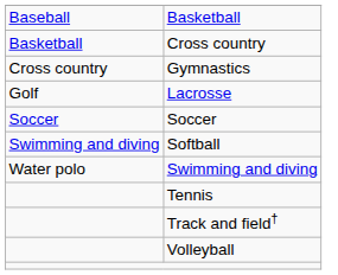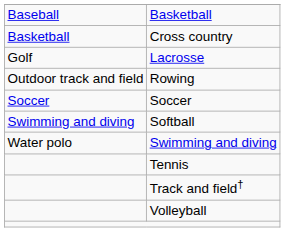 <table class="wikitable" style=" ">
 <tr>
 </tr>
 <tr>
 <td><a href='#'>Baseball</a></td>
 <td><a href='#'>Basketball</a></td>
 </tr>
 <tr>
 <td><a href='#'>Basketball</a></td>
 <td>Cross country</td>
 </tr>
 <tr>
-<td>Cross country</td>
-<td>Gymnastics</td>
+<td>Golf</td>
+<td><a href='#'>Lacrosse</a></td>
 </tr>
 <tr>
-<td>Golf</td>
-<td><a href='#'>Lacrosse</a></td>
+<td>Outdoor track and field</td>
+<td>Rowing</td>
 </tr>
 <tr>
 <td><a href='#'>Soccer</a></td>
 <td>Soccer</td>
 </tr>
 <tr>
 <td><a href='#'>Swimming and diving</a></td>
 <td>Softball</td>
 </tr>
 <tr>
 <td>Water polo</td>
 <td><a href='#'>Swimming and diving</a></td>
 </tr>
 <tr>
 <td></td>
 <td>Tennis</td>
 </tr>
 <tr>
 <td></td>
 <td>Track and field<sup>†</sup></td>
 </tr>
 <tr>
 <td></td>
 <td>Volleyball</td>
 </tr>
 <tr>
 <td colspan="2"></td>
 </tr>
 </table>
